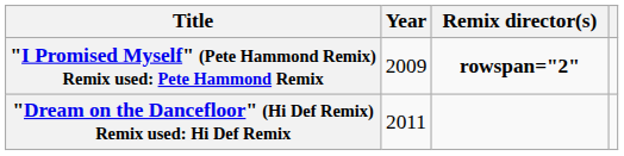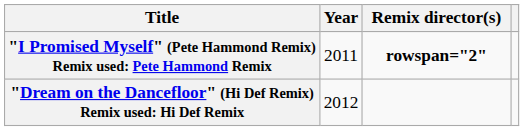 <table class="wikitable plainrowheaders" style="text-align:center;">
 <tr>
 <th scope="col">Title</th>
 <th scope="col">Year</th>
 <th scope="col" width="130">Remix director(s)</th>
 <th scope="col"></th>
 </tr>
 <tr>
 <th scope="row">"<a href='#'>I Promised Myself</a>" <small>(Pete Hammond Remix)</small><br><small>Remix used: <a href='#'>Pete Hammond</a> Remix</small></th>
-<td>2009</td>
+<td>2011</td>
 <td><strong>rowspan="2" </strong></td>
 <td></td>
 </tr>
 <tr>
 <th scope="row">"<a href='#'>Dream on the Dancefloor</a>" <small>(Hi Def Remix)</small><br><small>Remix used: Hi Def Remix</small></th>
-<td>2011</td>
+<td>2012</td>
 <td></td>
 </tr>
 </table>
